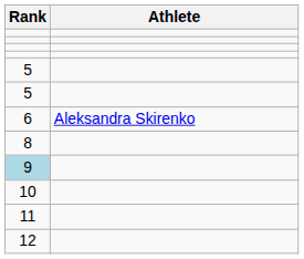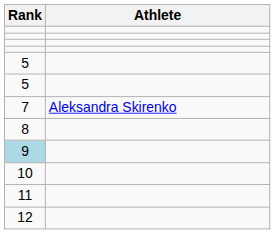 <table class="wikitable" style="text-align: center;">
 <tr>
 <th width=40>Rank</th>
 <th width=250>Athlete</th>
 </tr>
 <tr>
 <td></td>
 <td align="left"></td>
 </tr>
 <tr>
 <td></td>
 <td align="left"></td>
 </tr>
 <tr>
 <td></td>
 <td align="left"></td>
 </tr>
 <tr>
 <td></td>
 <td align="left"></td>
 </tr>
 <tr>
 <td>5</td>
 <td align="left"></td>
 </tr>
 <tr>
 <td>5</td>
 <td align="left"></td>
 </tr>
 <tr>
-<td>6</td>
+<td>7</td>
 <td align="left"> <a href='#'>Aleksandra Skirenko</a> </td>
 </tr>
 <tr>
 <td>8</td>
 <td align="left"></td>
 </tr>
 <tr>
 <td style="background: lightblue;">9</td>
 <td align="left"></td>
 </tr>
 <tr>
 <td>10</td>
 <td align="left"></td>
 </tr>
 <tr>
 <td>11</td>
 <td align="left"></td>
 </tr>
 <tr>
 <td>12</td>
 <td align="left"></td>
 </tr>
 </table>
